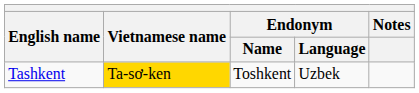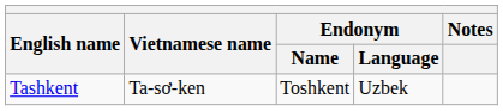 <table class="wikitable sortable">
 <tr>
 <th colspan="5"></th>
 </tr>
 <tr>
 <th rowspan="2">English name</th>
 <th rowspan="2">Vietnamese name</th>
 <th colspan="2">Endonym</th>
 <th>Notes</th>
 </tr>
 <tr>
 <th>Name</th>
 <th>Language</th>
 <th></th>
 </tr>
 <tr>
 <td><a href='#'>Tashkent</a></td>
-<td style="background: gold;">Ta-sơ-ken</td>
+<td>Ta-sơ-ken</td>
 <td>Toshkent</td>
 <td>Uzbek</td>
 </tr>
 </table>
